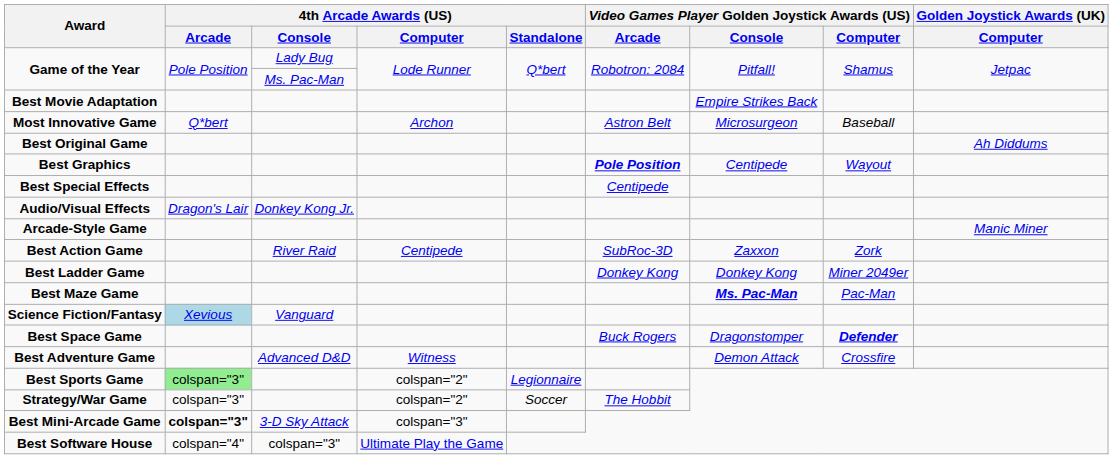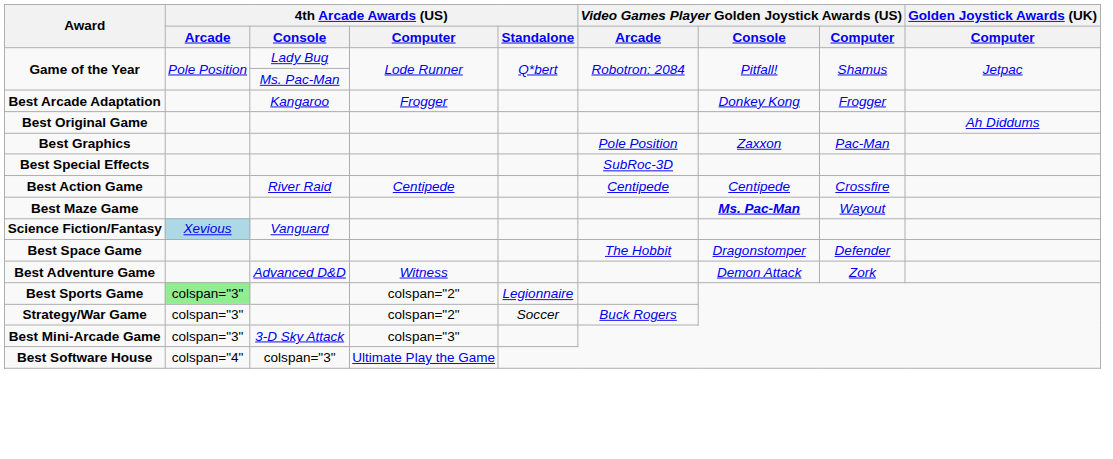 <table class="wikitable"  style="text-align:center; font-size:90%">
 <tr>
 <th rowspan="2">Award</th>
 <th colspan="4">4th <a href='#'>Arcade Awards</a> (US)</th>
 <th colspan="3"><em>Video Games Player</em> Golden Joystick Awards (US)</th>
 <th><a href='#'>Golden Joystick Awards</a> (UK)</th>
 </tr>
 <tr>
 <th><a href='#'>Arcade</a></th>
 <th><a href='#'>Console</a></th>
 <th><a href='#'>Computer</a></th>
 <th><a href='#'>Standalone</a></th>
 <th><a href='#'>Arcade</a></th>
 <th><a href='#'>Console</a></th>
 <th><a href='#'>Computer</a></th>
 <th><a href='#'>Computer</a></th>
 </tr>
 <tr>
 <td rowspan="2"><strong>Game of the Year</strong></td>
 <td rowspan="2"><em><a href='#'>Pole Position</a></em></td>
 <td><em><a href='#'>Lady Bug</a></em></td>
 <td rowspan="2"><em><a href='#'>Lode Runner</a></em></td>
 <td rowspan="2"><em><a href='#'>Q*bert</a></em></td>
 <td rowspan="2"><em><a href='#'>Robotron: 2084</a></em></td>
 <td rowspan="2"><em><a href='#'>Pitfall!</a></em></td>
 <td rowspan="2"><a href='#'><em>Shamus</em></a></td>
 <td rowspan="2"><em><a href='#'>Jetpac</a></em></td>
 </tr>
 <tr>
 <td><em><a href='#'>Ms. Pac-Man</a></em></td>
 </tr>
 <tr>
-<td><strong>Best Movie Adaptation</strong></td>
+<td><strong>Best Arcade Adaptation</strong></td>
+<td></td>
+<td><em><a href='#'>Kangaroo</a></em></td>
+<td><em><a href='#'>Frogger</a></em></td>
 <td></td>
 <td></td>
-<td></td>
-<td></td>
-<td></td>
-<td><a href='#'><em>Empire Strikes Back</em></a></td>
-<td></td>
-<td></td>
-</tr>
-<tr>
-<td><strong>Most Innovative Game</strong></td>
-<td><em><a href='#'>Q*bert</a></em></td>
-<td></td>
-<td><em><a href='#'>Archon</a></em></td>
-<td></td>
-<td><em><a href='#'>Astron Belt</a></em></td>
-<td><a href='#'><em>Microsurgeon</em></a></td>
-<td><em>Baseball</em></td>
+<td><a href='#'><em>Donkey Kong</em></a></td>
+<td><em><a href='#'>Frogger</a></em></td>
 <td></td>
 </tr>
 <tr>
 <td><strong>Best Original Game</strong></td>
 <td></td>
 <td></td>
 <td></td>
 <td></td>
 <td></td>
 <td></td>
 <td></td>
 <td><em><a href='#'>Ah Diddums</a></em></td>
 </tr>
 <tr>
 <td><strong>Best Graphics</strong></td>
 <td></td>
 <td></td>
 <td></td>
 <td></td>
-<td><strong><em><a href='#'>Pole Position</a></em></strong></td>
-<td><a href='#'><em>Centipede</em></a></td>
-<td><em><a href='#'>Wayout</a></em></td>
+<td><em><a href='#'>Pole Position</a></em></td>
+<td><em><a href='#'>Zaxxon</a></em></td>
+<td><em><a href='#'>Pac-Man</a></em></td>
 <td></td>
 </tr>
 <tr>
 <td><strong>Best Special Effects</strong></td>
 <td></td>
 <td></td>
 <td></td>
 <td></td>
-<td><a href='#'><em>Centipede</em></a></td>
+<td><em><a href='#'>SubRoc-3D</a></em></td>
 <td></td>
 <td></td>
 <td></td>
-</tr>
-<tr>
-<td><strong>Audio/Visual Effects</strong></td>
-<td><em><a href='#'>Dragon's Lair</a></em></td>
-<td><em><a href='#'>Donkey Kong Jr.</a></em></td>
-<td></td>
-<td></td>
-<td></td>
-<td></td>
-<td></td>
-<td></td>
-</tr>
-<tr>
-<td><strong>Arcade-Style Game</strong></td>
-<td></td>
-<td></td>
-<td></td>
-<td></td>
-<td></td>
-<td></td>
-<td></td>
-<td><em><a href='#'>Manic Miner</a></em></td>
 </tr>
 <tr>
 <td><strong>Best Action Game</strong></td>
 <td></td>
 <td><em><a href='#'>River Raid</a></em></td>
 <td><em><a href='#'>Centipede</a></em></td>
 <td></td>
-<td><em><a href='#'>SubRoc-3D</a></em></td>
-<td><em><a href='#'>Zaxxon</a></em></td>
-<td><a href='#'><em>Zork</em></a></td>
-<td></td>
-</tr>
-<tr>
-<td><strong>Best Ladder Game</strong></td>
-<td></td>
-<td></td>
-<td></td>
-<td></td>
-<td><a href='#'><em>Donkey Kong</em></a></td>
-<td><a href='#'><em>Donkey Kong</em></a></td>
-<td><em><a href='#'>Miner 2049er</a></em></td>
+<td><a href='#'><em>Centipede</em></a></td>
+<td><a href='#'><em>Centipede</em></a></td>
+<td><a href='#'><em>Crossfire</em></a></td>
 <td></td>
 </tr>
 <tr>
 <td><strong>Best Maze Game</strong></td>
 <td></td>
 <td></td>
 <td></td>
 <td></td>
 <td></td>
 <td><strong><em><a href='#'>Ms. Pac-Man</a></em></strong></td>
-<td><em><a href='#'>Pac-Man</a></em></td>
+<td><em><a href='#'>Wayout</a></em></td>
 <td></td>
 </tr>
 <tr>
 <td><strong>Science Fiction/Fantasy</strong></td>
 <td style="background: lightblue;"><em><a href='#'>Xevious</a></em></td>
 <td><em><a href='#'>Vanguard</a></em></td>
 <td></td>
 <td></td>
 <td></td>
 <td></td>
 <td></td>
 <td></td>
 </tr>
 <tr>
 <td><strong>Best Space Game</strong></td>
 <td></td>
 <td></td>
 <td></td>
 <td></td>
-<td><em><a href='#'>Buck Rogers</a></em></td>
+<td><em><a href='#'>The Hobbit</a></em></td>
 <td><em><a href='#'>Dragonstomper</a></em></td>
-<td><strong><a href='#'><em>Defender</em></a></strong></td>
+<td><a href='#'><em>Defender</em></a></td>
 <td></td>
 </tr>
 <tr>
 <td><strong>Best Adventure Game</strong></td>
 <td></td>
 <td><em><a href='#'>Advanced D&D</a></em></td>
 <td><em><a href='#'>Witness</a></em></td>
 <td></td>
 <td></td>
 <td><em><a href='#'>Demon Attack</a></em></td>
-<td><a href='#'><em>Crossfire</em></a></td>
+<td><a href='#'><em>Zork</em></a></td>
 <td></td>
 </tr>
 <tr>
 <td><strong>Best Sports Game</strong></td>
 <td style="background: lightgreen;">colspan="3" </td>
 <td></td>
 <td>colspan="2" </td>
 <td><a href='#'><em>Legionnaire</em></a></td>
 <td></td>
 </tr>
 <tr>
 <td><strong>Strategy/War Game</strong></td>
 <td>colspan="3" </td>
 <td></td>
 <td>colspan="2" </td>
 <td><em>Soccer</em></td>
-<td><em><a href='#'>The Hobbit</a></em></td>
+<td><em><a href='#'>Buck Rogers</a></em></td>
 </tr>
 <tr>
 <td><strong>Best Mini-Arcade Game</strong></td>
-<td><strong>colspan="3" </strong></td>
+<td>colspan="3" </td>
 <td><em><a href='#'>3-D Sky Attack</a></em></td>
 <td>colspan="3" </td>
 <td></td>
 </tr>
 <tr>
 <td><strong>Best Software House</strong></td>
 <td>colspan="4" </td>
 <td>colspan="3" </td>
 <td><a href='#'>Ultimate Play the Game</a></td>
 </tr>
 </table>
